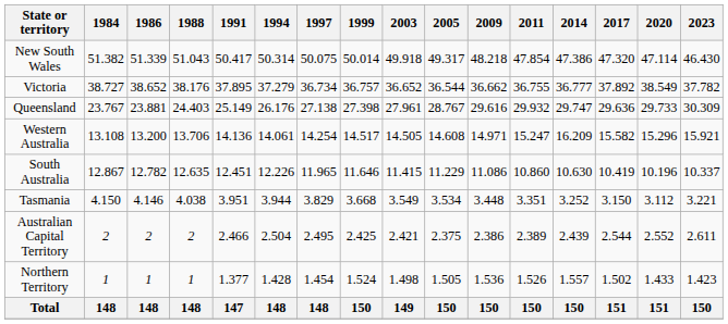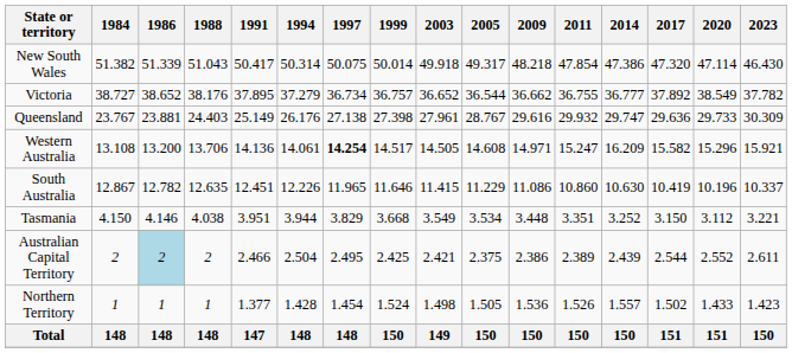 <table class="wikitable" style="text-align:center">
 <tr>
 <th>State or territory</th>
 <th>1984</th>
 <th>1986</th>
 <th>1988</th>
 <th>1991</th>
 <th>1994</th>
 <th>1997</th>
 <th>1999</th>
 <th>2003</th>
 <th>2005</th>
 <th>2009</th>
 <th>2011</th>
 <th>2014</th>
 <th>2017</th>
 <th>2020</th>
 <th>2023</th>
 </tr>
 <tr>
 <td>New South Wales</td>
 <td>51.382</td>
 <td>51.339</td>
 <td>51.043</td>
 <td>50.417</td>
 <td>50.314</td>
 <td>50.075</td>
 <td>50.014</td>
 <td>49.918</td>
 <td>49.317</td>
 <td>48.218</td>
 <td>47.854</td>
 <td>47.386</td>
 <td>47.320</td>
 <td>47.114</td>
 <td>46.430</td>
 </tr>
 <tr>
 <td>Victoria</td>
 <td>38.727</td>
 <td>38.652</td>
 <td>38.176</td>
 <td>37.895</td>
 <td>37.279</td>
 <td>36.734</td>
 <td>36.757</td>
 <td>36.652</td>
 <td>36.544</td>
 <td>36.662</td>
 <td>36.755</td>
 <td>36.777</td>
 <td>37.892</td>
 <td>38.549</td>
 <td>37.782</td>
 </tr>
 <tr>
 <td>Queensland</td>
 <td>23.767</td>
 <td>23.881</td>
 <td>24.403</td>
 <td>25.149</td>
 <td>26.176</td>
 <td>27.138</td>
 <td>27.398</td>
 <td>27.961</td>
 <td>28.767</td>
 <td>29.616</td>
 <td>29.932</td>
 <td>29.747</td>
 <td>29.636</td>
 <td>29.733</td>
 <td>30.309</td>
 </tr>
 <tr>
 <td>Western Australia</td>
 <td>13.108</td>
 <td>13.200</td>
 <td>13.706</td>
 <td>14.136</td>
 <td>14.061</td>
-<td>14.254</td>
+<td><strong>14.254</strong></td>
 <td>14.517</td>
 <td>14.505</td>
 <td>14.608</td>
 <td>14.971</td>
 <td>15.247</td>
 <td>16.209</td>
 <td>15.582</td>
 <td>15.296</td>
 <td>15.921</td>
 </tr>
 <tr>
 <td>South Australia</td>
 <td>12.867</td>
 <td>12.782</td>
 <td>12.635</td>
 <td>12.451</td>
 <td>12.226</td>
 <td>11.965</td>
 <td>11.646</td>
 <td>11.415</td>
 <td>11.229</td>
 <td>11.086</td>
 <td>10.860</td>
 <td>10.630</td>
 <td>10.419</td>
 <td>10.196</td>
 <td>10.337</td>
 </tr>
 <tr>
 <td>Tasmania</td>
 <td>4.150</td>
 <td>4.146</td>
 <td>4.038</td>
 <td>3.951</td>
 <td>3.944</td>
 <td>3.829</td>
 <td>3.668</td>
 <td>3.549</td>
 <td>3.534</td>
 <td>3.448</td>
 <td>3.351</td>
 <td>3.252</td>
 <td>3.150</td>
 <td>3.112</td>
 <td>3.221</td>
 </tr>
 <tr>
 <td>Australian Capital Territory</td>
 <td><em>2</em></td>
-<td><em>2</em></td>
+<td style="background: lightblue;"><em>2</em></td>
 <td><em>2</em></td>
 <td>2.466</td>
 <td>2.504</td>
 <td>2.495</td>
 <td>2.425</td>
 <td>2.421</td>
 <td>2.375</td>
 <td>2.386</td>
 <td>2.389</td>
 <td>2.439</td>
 <td>2.544</td>
 <td>2.552</td>
 <td>2.611</td>
 </tr>
 <tr>
 <td>Northern Territory</td>
 <td><em>1</em></td>
 <td><em>1</em></td>
 <td><em>1</em></td>
 <td>1.377</td>
 <td>1.428</td>
 <td>1.454</td>
 <td>1.524</td>
 <td>1.498</td>
 <td>1.505</td>
 <td>1.536</td>
 <td>1.526</td>
 <td>1.557</td>
 <td>1.502</td>
 <td>1.433</td>
 <td>1.423</td>
 </tr>
 <tr>
 <th>Total</th>
 <th>148</th>
 <th>148</th>
 <th>148</th>
 <th>147</th>
 <th>148</th>
 <th>148</th>
 <th>150</th>
 <th>149</th>
 <th>150</th>
 <th>150</th>
 <th>150</th>
 <th>150</th>
 <th>151</th>
 <th>151</th>
 <th>150</th>
 </tr>
 <tr>
 </tr>
 </table>
